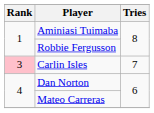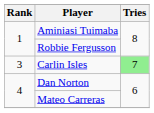 <table class="wikitable sortable">
 <tr>
 </tr>
 <tr>
 <th>Rank</th>
 <th>Player</th>
 <th>Tries</th>
 </tr>
 <tr>
 <td align=center rowspan=2>1</td>
 <td> <a href='#'>Aminiasi Tuimaba</a></td>
 <td align=center rowspan=2>8</td>
 </tr>
 <tr>
 <td> <a href='#'>Robbie Fergusson</a></td>
 </tr>
 <tr>
-<td align=center style="background: pink;">3</td>
+<td align=center>3</td>
 <td> <a href='#'>Carlin Isles</a></td>
-<td align=center>7</td>
+<td align=center style="background: lightgreen;">7</td>
 </tr>
 <tr>
 <td align=center rowspan=2>4</td>
 <td> <a href='#'>Dan Norton</a></td>
 <td align=center rowspan=2>6</td>
 </tr>
 <tr>
 <td> <a href='#'>Mateo Carreras</a></td>
 </tr>
 <tr>
 </tr>
 </table>
